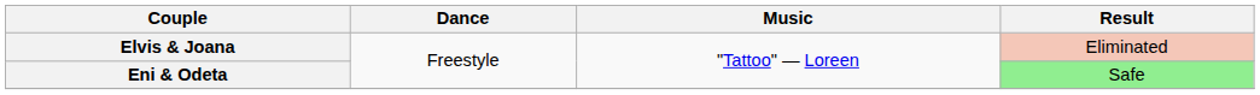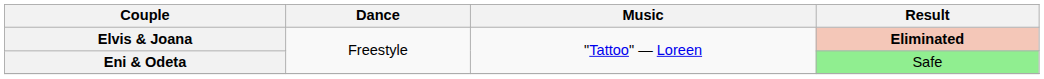 <table class="wikitable sortable" style="text-align:center; width: 90%">
 <tr>
 <th scope="col">Couple</th>
 <th scope="col" class="unsortable">Dance</th>
 <th scope="col" class="unsortable">Music</th>
 <th scope="col" class="unsortable">Result</th>
 </tr>
 <tr>
 <th scope="row">Elvis & Joana</th>
 <td rowspan="2">Freestyle</td>
 <td rowspan="2">"<a href='#'>Tattoo</a>" — <a href='#'>Loreen</a></td>
-<td bgcolor= f4c7b8>Eliminated</td>
+<td bgcolor= f4c7b8><strong>Eliminated</strong></td>
 </tr>
 <tr>
 <th scope="row">Eni & Odeta</th>
 <td style="background: lightgreen;">Safe</td>
 </tr>
 <tr>
 </tr>
 </table>
